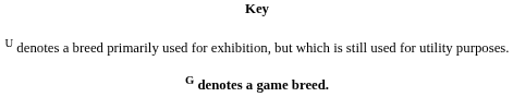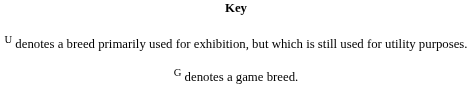 <table class="toccolours" style="margin:0 auto; width:55em; clear:both;">
 <tr>
 <th>Key</th>
 </tr>
 <tr>
 <td style="padding:0 2% 0 2%; text-align:center;"></td>
 </tr>
 <tr>
 <td style="padding:0 2% 0 2%; text-align:center;"><br><sup>U</sup> denotes a breed primarily used for exhibition, but which is still used for utility purposes.</td>
 </tr>
 <tr>
-<td style="padding:0 2% 0 2%; text-align:center;"><strong><br><sup>G</sup> denotes a game breed.</strong></td>
+<td style="padding:0 2% 0 2%; text-align:center;"><br><sup>G</sup> denotes a game breed.</td>
 </tr>
 </table>
